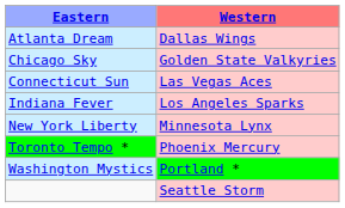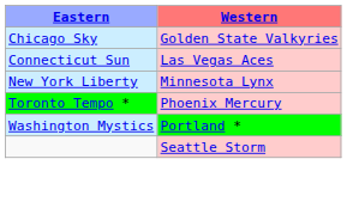 <table class="wikitable">
 <tr>
 <th style="background-color: #9AF;"><a href='#'>Eastern</a></th>
 <th style="background-color: #F77;"><a href='#'>Western</a></th>
-</tr>
-<tr>
-<td style="background-color: #CEF;"><a href='#'>Atlanta Dream</a></td>
-<td style="background-color: #FCC;"><a href='#'>Dallas Wings</a></td>
 </tr>
 <tr>
 <td style="background-color: #CEF;"><a href='#'>Chicago Sky</a></td>
 <td style="background-color: #FCC;"><a href='#'>Golden State Valkyries</a></td>
 </tr>
 <tr>
 <td style="background-color: #CEF;"><a href='#'>Connecticut Sun</a></td>
 <td style="background-color: #FCC;"><a href='#'>Las Vegas Aces</a></td>
-</tr>
-<tr>
-<td style="background-color: #CEF;"><a href='#'>Indiana Fever</a></td>
-<td style="background-color: #FCC;"><a href='#'>Los Angeles Sparks</a></td>
 </tr>
 <tr>
 <td style="background-color: #CEF;"><a href='#'>New York Liberty</a></td>
 <td style="background-color: #FCC;"><a href='#'>Minnesota Lynx</a></td>
 </tr>
 <tr>
 <td style="background-color: #0F0;"><a href='#'>Toronto Tempo</a> *</td>
 <td style="background-color: #FCC;"><a href='#'>Phoenix Mercury</a></td>
 </tr>
 <tr>
 <td style="background-color: #CEF;"><a href='#'>Washington Mystics</a></td>
 <td style="background-color: #0F0;"><a href='#'>Portland</a> *</td>
 </tr>
 <tr>
 <td></td>
 <td style="background-color: #FCC;"><a href='#'>Seattle Storm</a></td>
 </tr>
 </table>
